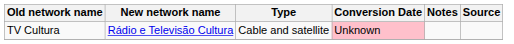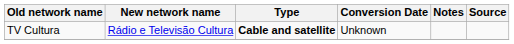 <table class="wikitable">
 <tr>
 <th>Old network name</th>
 <th>New network name</th>
 <th>Type</th>
 <th>Conversion Date</th>
 <th>Notes</th>
 <th>Source</th>
 </tr>
 <tr>
 <td>TV Cultura</td>
 <td><a href='#'>Rádio e Televisão Cultura</a></td>
-<td>Cable and satellite</td>
-<td style="background: pink;">Unknown</td>
+<td><strong>Cable and satellite</strong></td>
+<td>Unknown</td>
 <td></td>
 <td></td>
 </tr>
 <tr>
 </tr>
 </table>
